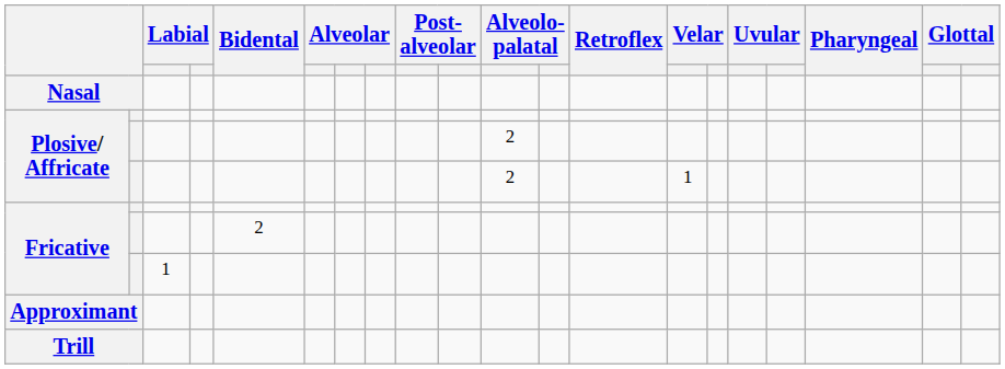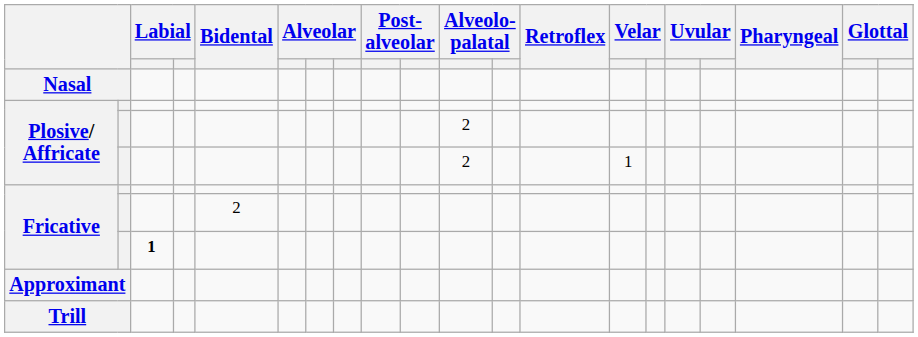 <table class="wikitable" style="text-align:center">
 <tr>
 <th rowspan="2" colspan="2"></th>
 <th colspan="2"><a href='#'>Labial</a></th>
 <th rowspan="2"><a href='#'>Bidental</a></th>
 <th colspan="3"><a href='#'>Alveolar</a></th>
 <th colspan="2"><a href='#'>Post-<br>alveolar</a></th>
 <th colspan="2"><a href='#'>Alveolo-<br>palatal</a></th>
 <th rowspan="2"><a href='#'>Retroflex</a></th>
 <th colspan="2"><a href='#'>Velar</a></th>
 <th colspan="2"><a href='#'>Uvular</a></th>
 <th rowspan="2"><a href='#'>Pharyngeal</a></th>
 <th colspan="2"><a href='#'>Glottal</a></th>
 </tr>
 <tr>
 <th></th>
 <th></th>
 <th></th>
 <th></th>
 <th></th>
 <th></th>
 <th></th>
 <th></th>
 <th></th>
 <th></th>
 <th></th>
 <th></th>
 <th></th>
 <th></th>
 <th></th>
 </tr>
 <tr>
 <th colspan=2><a href='#'>Nasal</a></th>
 <td></td>
 <td></td>
 <td></td>
 <td></td>
 <td></td>
 <td></td>
 <td></td>
 <td></td>
 <td></td>
 <td></td>
 <td></td>
 <td></td>
 <td></td>
 <td></td>
 <td></td>
 <td></td>
 <td></td>
 <td></td>
 </tr>
 <tr>
 <th rowspan="3"><a href='#'>Plosive</a>/<br><a href='#'>Affricate</a></th>
 <th></th>
 <td></td>
 <td></td>
 <td></td>
 <td></td>
 <td></td>
 <td></td>
 <td></td>
 <td></td>
 <td></td>
 <td></td>
 <td></td>
 <td></td>
 <td></td>
 <td></td>
 <td></td>
 <td></td>
 <td></td>
 <td></td>
 </tr>
 <tr>
 <th></th>
 <td></td>
 <td></td>
 <td></td>
 <td></td>
 <td></td>
 <td></td>
 <td></td>
 <td></td>
 <td><sup>2</sup></td>
 <td></td>
 <td></td>
 <td></td>
 <td></td>
 <td></td>
 <td></td>
 <td></td>
 <td></td>
 <td></td>
 </tr>
 <tr>
 <th></th>
 <td></td>
 <td></td>
 <td></td>
 <td></td>
 <td></td>
 <td></td>
 <td></td>
 <td></td>
 <td><sup>2</sup></td>
 <td></td>
 <td></td>
 <td><sup>1</sup></td>
 <td></td>
 <td></td>
 <td></td>
 <td></td>
 <td></td>
 <td></td>
 </tr>
 <tr>
 <th rowspan="3"><a href='#'>Fricative</a></th>
 <th></th>
 <td></td>
 <td></td>
 <td></td>
 <td></td>
 <td></td>
 <td></td>
 <td></td>
 <td></td>
 <td></td>
 <td></td>
 <td></td>
 <td></td>
 <td></td>
 <td></td>
 <td></td>
 <td></td>
 <td></td>
 <td></td>
 </tr>
 <tr>
 <th></th>
 <td></td>
 <td></td>
 <td><sup>2</sup></td>
 <td></td>
 <td></td>
 <td></td>
 <td></td>
 <td></td>
 <td></td>
 <td></td>
 <td></td>
 <td></td>
 <td></td>
 <td></td>
 <td></td>
 <td></td>
 <td></td>
 <td></td>
 </tr>
 <tr>
 <th></th>
-<td><sup>1</sup></td>
+<td><strong><sup>1</sup></strong></td>
 <td></td>
 <td></td>
 <td></td>
 <td></td>
 <td></td>
 <td></td>
 <td></td>
 <td></td>
 <td></td>
 <td></td>
 <td></td>
 <td></td>
 <td></td>
 <td></td>
 <td></td>
 <td></td>
 <td></td>
 </tr>
 <tr>
 <th colspan="2"><a href='#'>Approximant</a></th>
 <td></td>
 <td></td>
 <td></td>
 <td></td>
 <td></td>
 <td></td>
 <td></td>
 <td></td>
 <td></td>
 <td></td>
 <td></td>
 <td></td>
 <td></td>
 <td></td>
 <td></td>
 <td></td>
 <td></td>
 <td></td>
 </tr>
 <tr>
 <th colspan="2"><a href='#'>Trill</a></th>
 <td></td>
 <td></td>
 <td></td>
 <td></td>
 <td></td>
 <td></td>
 <td></td>
 <td></td>
 <td></td>
 <td></td>
 <td></td>
 <td></td>
 <td></td>
 <td></td>
 <td></td>
 <td></td>
 <td></td>
 <td></td>
 </tr>
 </table>
